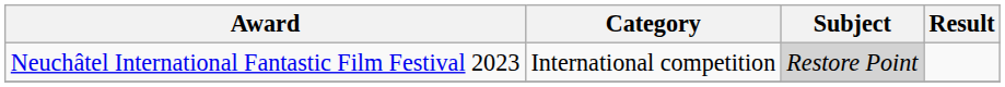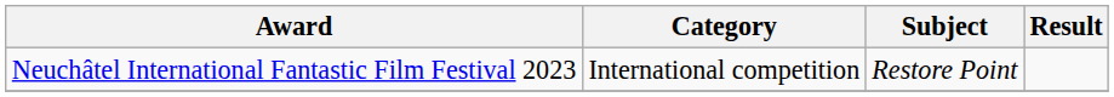 <table class="wikitable">
 <tr>
 <th>Award</th>
 <th>Category</th>
 <th>Subject</th>
 <th>Result</th>
 </tr>
 <tr>
 <td><a href='#'>Neuchâtel International Fantastic Film Festival</a> 2023</td>
 <td>International competition</td>
-<td style="background: lightgrey;"><em>Restore Point</em></td>
+<td><em>Restore Point</em></td>
 <td></td>
 </tr>
 <tr>
 </tr>
 </table>
